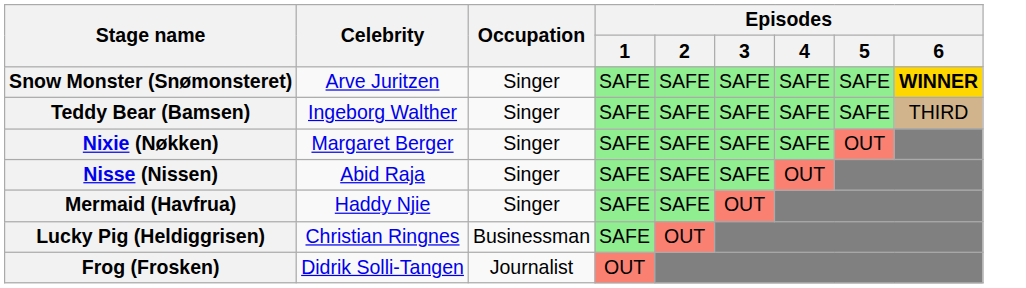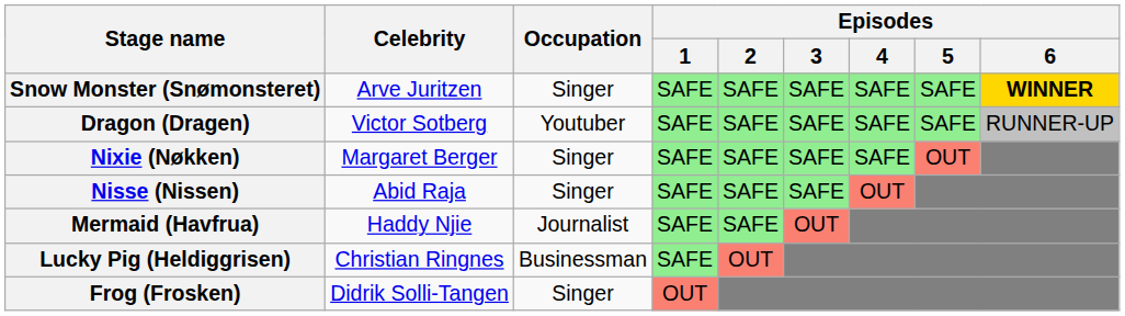 <table class="wikitable" style="text-align:center; ">
 <tr>
 <th rowspan=2>Stage name</th>
 <th rowspan=2>Celebrity</th>
 <th rowspan=2>Occupation</th>
 <th colspan="6">Episodes</th>
 </tr>
 <tr>
 <th rowspan="1">1</th>
 <th rowspan="1">2</th>
 <th rowspan="1">3</th>
 <th rowspan="1">4</th>
 <th rowspan="1">5</th>
 <th rowspan="1">6</th>
 </tr>
 <tr>
 <th>Snow Monster (Snømonsteret)</th>
 <td><a href='#'>Arve Juritzen</a></td>
 <td>Singer</td>
 <td bgcolor="lightgreen">SAFE</td>
 <td bgcolor="lightgreen">SAFE</td>
 <td bgcolor="lightgreen">SAFE</td>
 <td bgcolor="lightgreen">SAFE</td>
 <td bgcolor="lightgreen">SAFE</td>
 <td bgcolor=gold><strong>WINNER</strong></td>
 </tr>
 <tr>
-<th>Teddy Bear (Bamsen)</th>
-<td><a href='#'>Ingeborg Walther</a></td>
-<td>Singer</td>
+<th>Dragon (Dragen)</th>
+<td><a href='#'>Victor Sotberg</a></td>
+<td>Youtuber</td>
 <td bgcolor="lightgreen">SAFE</td>
 <td bgcolor="lightgreen">SAFE</td>
 <td bgcolor="lightgreen">SAFE</td>
 <td bgcolor="lightgreen">SAFE</td>
 <td bgcolor="lightgreen">SAFE</td>
-<td bgcolor=tan>THIRD</td>
+<td bgcolor=silver>RUNNER-UP</td>
 </tr>
 <tr>
 <th><a href='#'>Nixie</a> (Nøkken)</th>
 <td><a href='#'>Margaret Berger</a></td>
 <td>Singer</td>
 <td bgcolor="lightgreen">SAFE</td>
 <td bgcolor="lightgreen">SAFE</td>
 <td bgcolor="lightgreen">SAFE</td>
 <td bgcolor="lightgreen">SAFE</td>
 <td bgcolor=salmon>OUT</td>
 <td bgcolor=grey></td>
 </tr>
 <tr>
 <th><a href='#'>Nisse</a> (Nissen)</th>
 <td><a href='#'>Abid Raja</a></td>
 <td>Singer</td>
 <td bgcolor="lightgreen">SAFE</td>
 <td bgcolor="lightgreen">SAFE</td>
 <td bgcolor="lightgreen">SAFE</td>
 <td bgcolor=salmon>OUT</td>
 <td colspan="2" bgcolor=grey></td>
 </tr>
 <tr>
 <th>Mermaid (Havfrua)</th>
 <td><a href='#'>Haddy Njie</a></td>
-<td>Singer</td>
+<td>Journalist</td>
 <td bgcolor="lightgreen">SAFE</td>
 <td bgcolor="lightgreen">SAFE</td>
 <td bgcolor=salmon>OUT</td>
 <td colspan="3" bgcolor=grey></td>
 </tr>
 <tr>
 <th>Lucky Pig (Heldiggrisen)</th>
 <td><a href='#'>Christian Ringnes</a></td>
 <td>Businessman</td>
 <td bgcolor="lightgreen">SAFE</td>
 <td bgcolor=salmon>OUT</td>
 <td colspan="4" bgcolor=grey></td>
 </tr>
 <tr>
 <th>Frog (Frosken)</th>
 <td><a href='#'>Didrik Solli-Tangen</a></td>
-<td>Journalist</td>
+<td>Singer</td>
 <td bgcolor=salmon>OUT</td>
 <td colspan="5" bgcolor=grey></td>
 </tr>
 </table>
